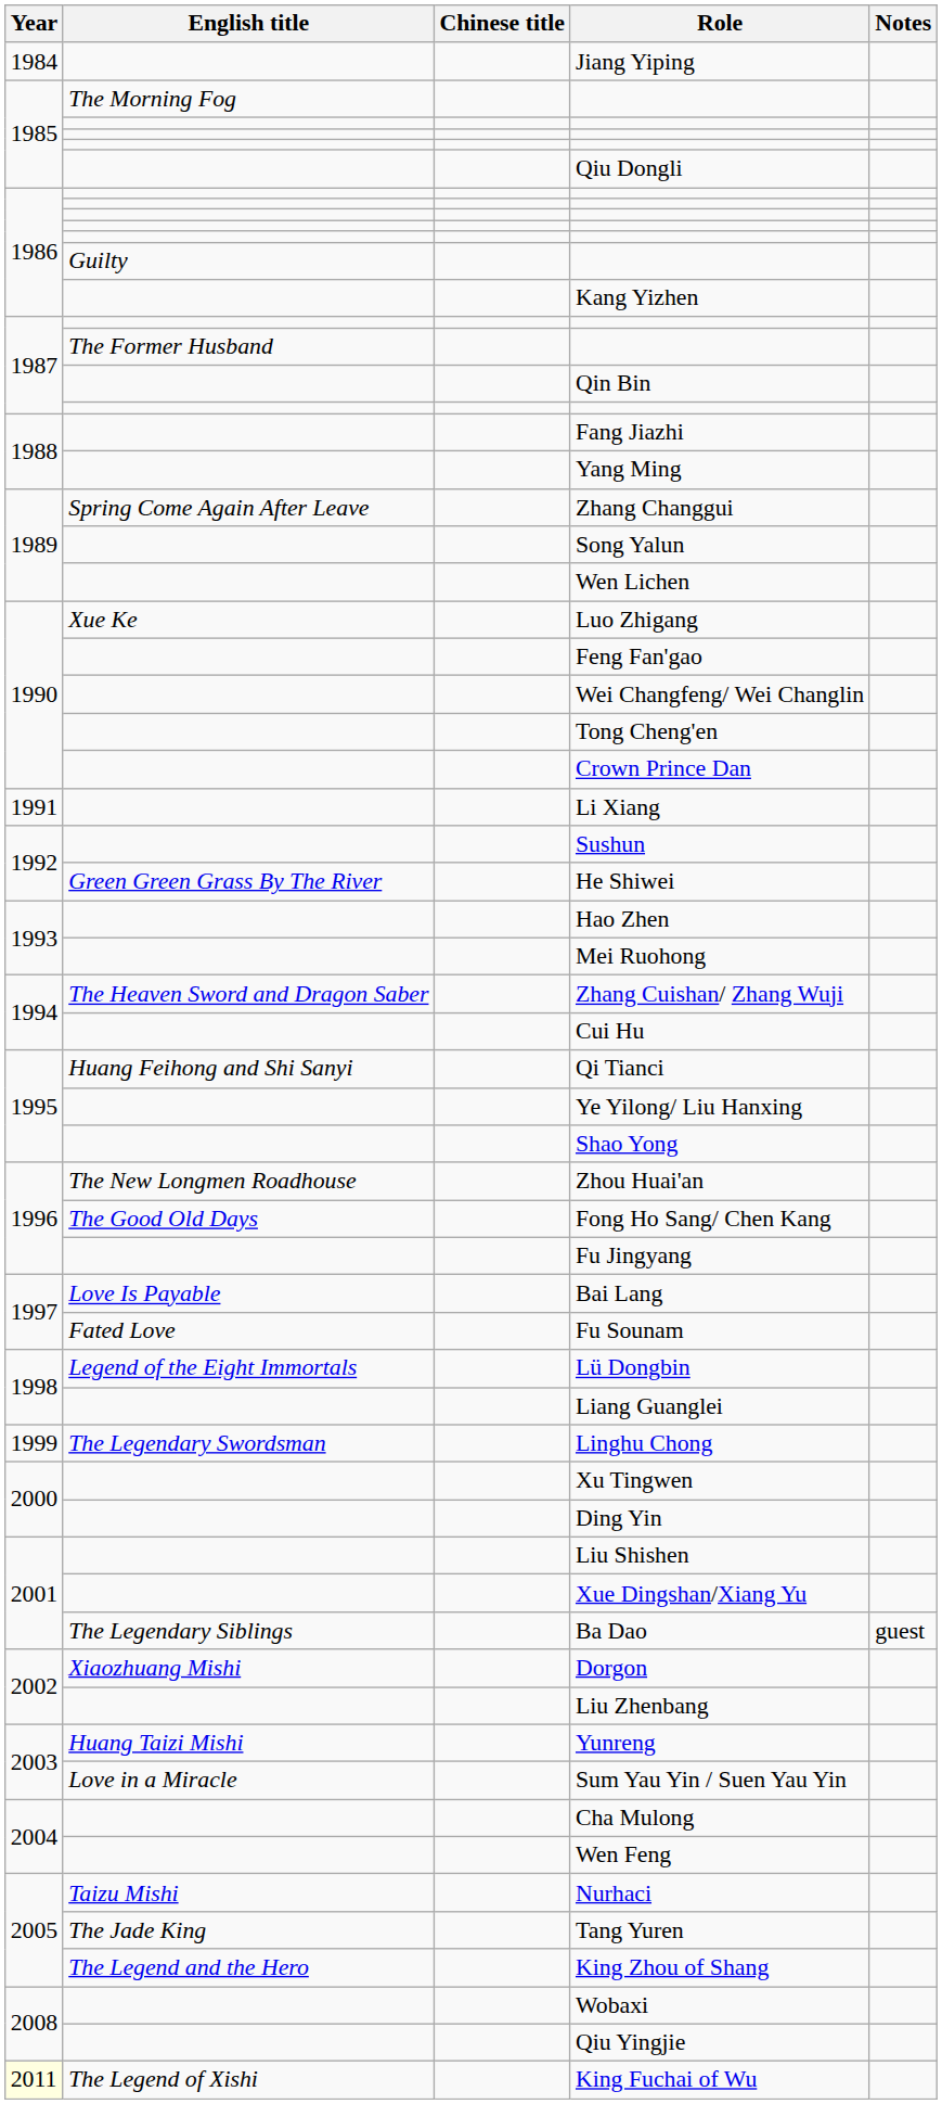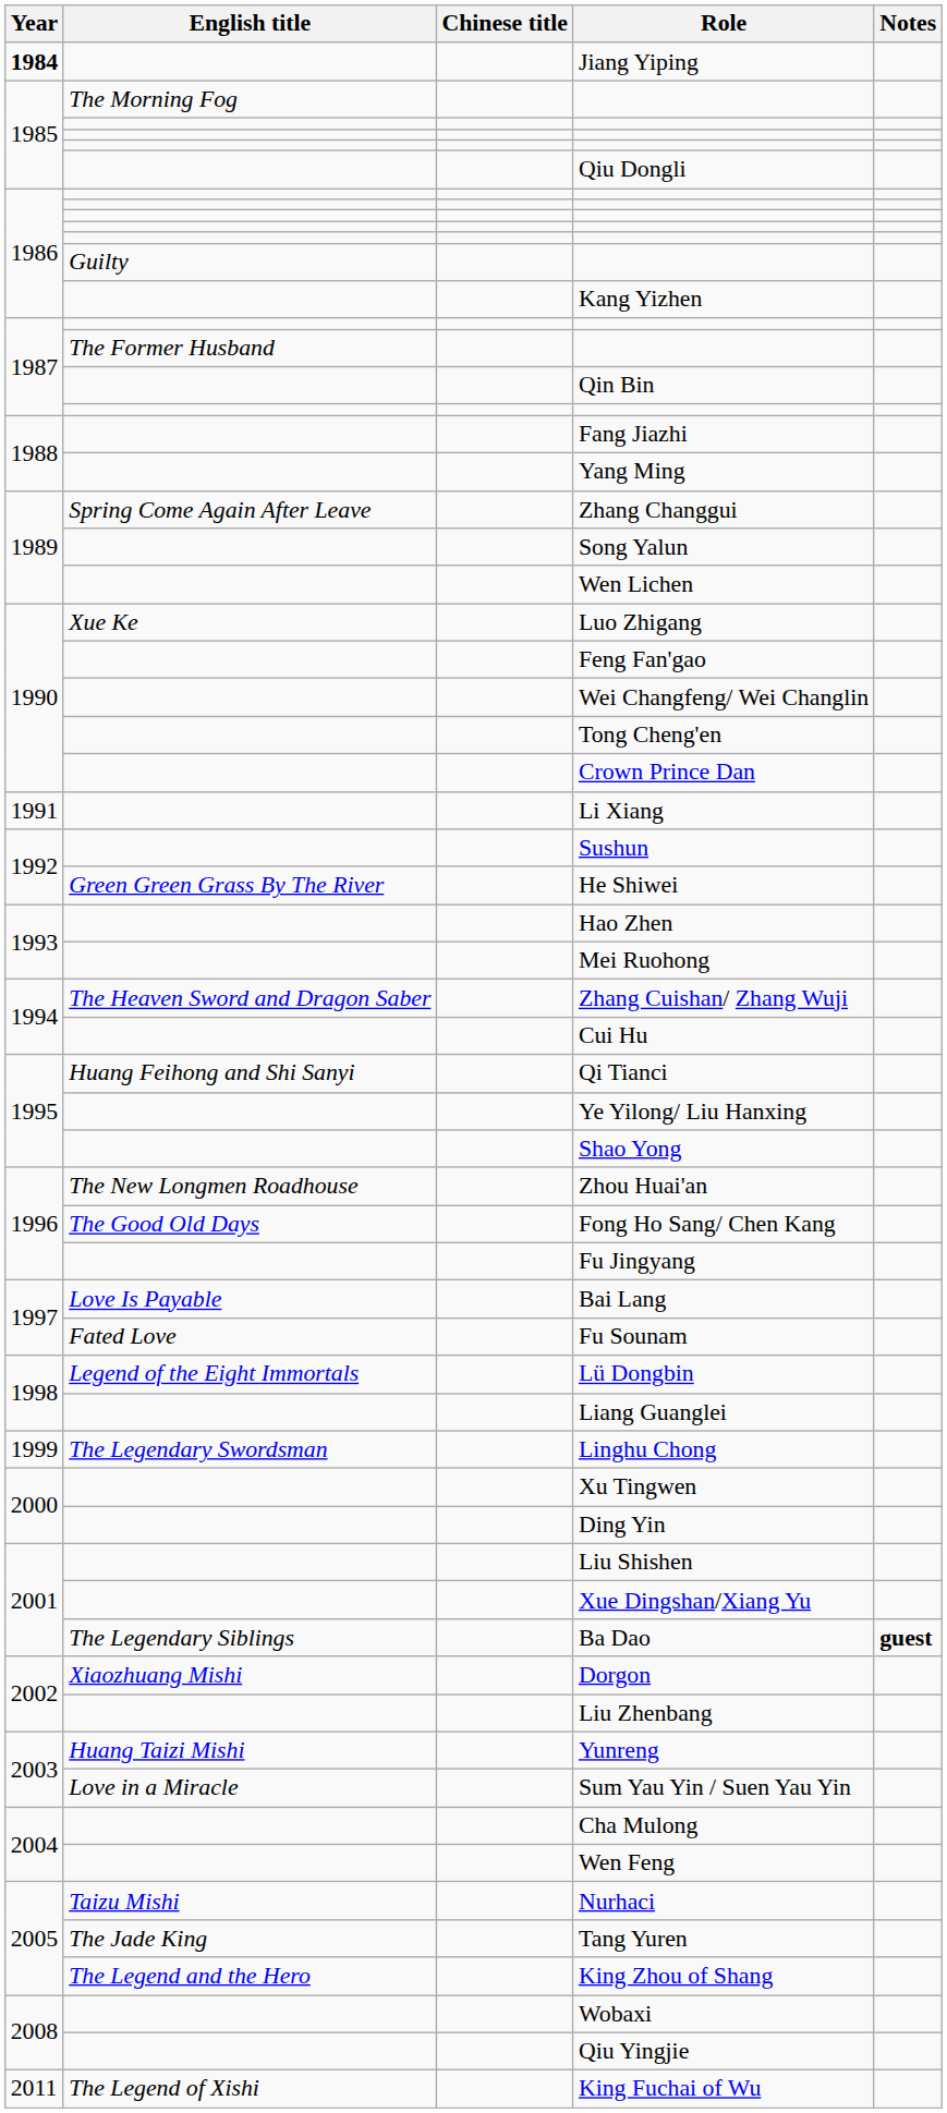 <table class="wikitable sortable">
 <tr>
 <th>Year</th>
 <th>English title</th>
 <th>Chinese title</th>
 <th>Role</th>
 <th ! class="unsortable">Notes</th>
 </tr>
 <tr>
-<td rowspan="1">1984</td>
+<td rowspan="1"><strong>1984</strong></td>
 <td></td>
 <td></td>
 <td>Jiang Yiping</td>
 <td></td>
 </tr>
 <tr>
 <td rowspan="5">1985</td>
 <td><em>The Morning Fog</em></td>
 <td></td>
 <td></td>
 <td></td>
 </tr>
 <tr>
 <td></td>
 <td></td>
 <td></td>
 <td></td>
 </tr>
 <tr>
 <td></td>
 <td></td>
 <td></td>
 <td></td>
 </tr>
 <tr>
 <td></td>
 <td></td>
 <td></td>
 <td></td>
 </tr>
 <tr>
 <td></td>
 <td></td>
 <td>Qiu Dongli</td>
 <td></td>
 </tr>
 <tr>
 <td rowspan="7">1986</td>
 <td></td>
 <td></td>
 <td></td>
 <td></td>
 </tr>
 <tr>
 <td></td>
 <td></td>
 <td></td>
 <td></td>
 </tr>
 <tr>
 <td></td>
 <td></td>
 <td></td>
 <td></td>
 </tr>
 <tr>
 <td></td>
 <td></td>
 <td></td>
 <td></td>
 </tr>
 <tr>
 <td></td>
 <td></td>
 <td></td>
 <td></td>
 </tr>
 <tr>
 <td><em>Guilty</em></td>
 <td></td>
 <td></td>
 <td></td>
 </tr>
 <tr>
 <td></td>
 <td></td>
 <td>Kang Yizhen</td>
 <td></td>
 </tr>
 <tr>
 <td rowspan="4">1987</td>
 <td></td>
 <td></td>
 <td></td>
 <td></td>
 </tr>
 <tr>
 <td><em>The Former Husband</em></td>
 <td></td>
 <td></td>
 <td></td>
 </tr>
 <tr>
 <td></td>
 <td></td>
 <td>Qin Bin</td>
 <td></td>
 </tr>
 <tr>
 <td></td>
 <td></td>
 <td></td>
 <td></td>
 </tr>
 <tr>
 <td rowspan="2">1988</td>
 <td></td>
 <td></td>
 <td>Fang Jiazhi</td>
 <td></td>
 </tr>
 <tr>
 <td></td>
 <td></td>
 <td>Yang Ming</td>
 <td></td>
 </tr>
 <tr>
 <td rowspan="3">1989</td>
 <td><em>Spring Come Again After Leave</em></td>
 <td></td>
 <td>Zhang Changgui</td>
 <td></td>
 </tr>
 <tr>
 <td></td>
 <td></td>
 <td>Song Yalun</td>
 <td></td>
 </tr>
 <tr>
 <td></td>
 <td></td>
 <td>Wen Lichen</td>
 <td></td>
 </tr>
 <tr>
 <td rowspan="5">1990</td>
 <td><em>Xue Ke</em></td>
 <td></td>
 <td>Luo Zhigang</td>
 <td></td>
 </tr>
 <tr>
 <td></td>
 <td></td>
 <td>Feng Fan'gao</td>
 <td></td>
 </tr>
 <tr>
 <td></td>
 <td></td>
 <td>Wei Changfeng/ Wei Changlin</td>
 <td></td>
 </tr>
 <tr>
 <td></td>
 <td></td>
 <td>Tong Cheng'en</td>
 <td></td>
 </tr>
 <tr>
 <td></td>
 <td></td>
 <td><a href='#'>Crown Prince Dan</a></td>
 <td></td>
 </tr>
 <tr>
 <td rowspan="1">1991</td>
 <td></td>
 <td></td>
 <td>Li Xiang</td>
 <td></td>
 </tr>
 <tr>
 <td rowspan="2">1992</td>
 <td></td>
 <td></td>
 <td><a href='#'>Sushun</a></td>
 <td></td>
 </tr>
 <tr>
 <td><em><a href='#'>Green Green Grass By The River</a></em></td>
 <td></td>
 <td>He Shiwei</td>
 <td></td>
 </tr>
 <tr>
 <td rowspan="2">1993</td>
 <td></td>
 <td></td>
 <td>Hao Zhen</td>
 <td></td>
 </tr>
 <tr>
 <td></td>
 <td></td>
 <td>Mei Ruohong</td>
 <td></td>
 </tr>
 <tr>
 <td rowspan="2">1994</td>
 <td><em><a href='#'>The Heaven Sword and Dragon Saber</a></em></td>
 <td></td>
 <td><a href='#'>Zhang Cuishan</a>/ <a href='#'>Zhang Wuji</a></td>
 <td></td>
 </tr>
 <tr>
 <td></td>
 <td></td>
 <td>Cui Hu</td>
 <td></td>
 </tr>
 <tr>
 <td rowspan="3">1995</td>
 <td><em>Huang Feihong and Shi Sanyi</em></td>
 <td></td>
 <td>Qi Tianci</td>
 <td></td>
 </tr>
 <tr>
 <td></td>
 <td></td>
 <td>Ye Yilong/ Liu Hanxing</td>
 <td></td>
 </tr>
 <tr>
 <td></td>
 <td></td>
 <td><a href='#'>Shao Yong</a></td>
 <td></td>
 </tr>
 <tr>
 <td rowspan="3">1996</td>
 <td><em>The New Longmen Roadhouse</em></td>
 <td></td>
 <td>Zhou Huai'an</td>
 <td></td>
 </tr>
 <tr>
 <td><em><a href='#'>The Good Old Days</a></em></td>
 <td></td>
 <td>Fong Ho Sang/ Chen Kang</td>
 <td></td>
 </tr>
 <tr>
 <td></td>
 <td></td>
 <td>Fu Jingyang</td>
 <td></td>
 </tr>
 <tr>
 <td rowspan="2">1997</td>
 <td><em><a href='#'>Love Is Payable</a></em></td>
 <td></td>
 <td>Bai Lang</td>
 <td></td>
 </tr>
 <tr>
 <td><em>Fated Love</em></td>
 <td></td>
 <td>Fu Sounam</td>
 <td></td>
 </tr>
 <tr>
 <td rowspan="2">1998</td>
 <td><em><a href='#'>Legend of the Eight Immortals</a></em></td>
 <td></td>
 <td><a href='#'>Lü Dongbin</a></td>
 <td></td>
 </tr>
 <tr>
 <td></td>
 <td></td>
 <td>Liang Guanglei</td>
 <td></td>
 </tr>
 <tr>
 <td rowspan="1">1999</td>
 <td><em><a href='#'>The Legendary Swordsman</a></em></td>
 <td></td>
 <td><a href='#'>Linghu Chong</a></td>
 <td></td>
 </tr>
 <tr>
 <td rowspan="2">2000</td>
 <td></td>
 <td></td>
 <td>Xu Tingwen</td>
 <td></td>
 </tr>
 <tr>
 <td></td>
 <td></td>
 <td>Ding Yin</td>
 <td></td>
 </tr>
 <tr>
 <td rowspan="3">2001</td>
 <td></td>
 <td></td>
 <td>Liu Shishen</td>
 <td></td>
 </tr>
 <tr>
 <td></td>
 <td></td>
 <td><a href='#'>Xue Dingshan</a>/<a href='#'>Xiang Yu</a></td>
 <td></td>
 </tr>
 <tr>
 <td><em>The Legendary Siblings</em></td>
 <td></td>
 <td>Ba Dao</td>
-<td>guest</td>
+<td><strong>guest</strong></td>
 </tr>
 <tr>
 <td rowspan="2">2002</td>
 <td><em><a href='#'>Xiaozhuang Mishi</a></em></td>
 <td></td>
 <td><a href='#'>Dorgon</a></td>
 <td></td>
 </tr>
 <tr>
 <td></td>
 <td></td>
 <td>Liu Zhenbang</td>
 <td></td>
 </tr>
 <tr>
 <td rowspan="2">2003</td>
 <td><em><a href='#'>Huang Taizi Mishi</a></em></td>
 <td></td>
 <td><a href='#'>Yunreng</a></td>
 <td></td>
 </tr>
 <tr>
 <td><em>Love in a Miracle</em></td>
 <td></td>
 <td>Sum Yau Yin / Suen Yau Yin</td>
 <td></td>
 </tr>
 <tr>
 <td rowspan="2">2004</td>
 <td></td>
 <td></td>
 <td>Cha Mulong</td>
 <td></td>
 </tr>
 <tr>
 <td></td>
 <td></td>
 <td>Wen Feng</td>
 <td></td>
 </tr>
 <tr>
 <td rowspan="3">2005</td>
 <td><em><a href='#'>Taizu Mishi</a></em></td>
 <td></td>
 <td><a href='#'>Nurhaci</a></td>
 <td></td>
 </tr>
 <tr>
 <td><em>The Jade King</em></td>
 <td></td>
 <td>Tang Yuren</td>
 <td></td>
 </tr>
 <tr>
 <td><em><a href='#'>The Legend and the Hero</a></em></td>
 <td></td>
 <td><a href='#'>King Zhou of Shang</a></td>
 <td></td>
 </tr>
 <tr>
 <td rowspan="2">2008</td>
 <td></td>
 <td></td>
 <td>Wobaxi</td>
 <td></td>
 </tr>
 <tr>
 <td></td>
 <td></td>
 <td>Qiu Yingjie</td>
 <td></td>
 </tr>
 <tr>
-<td rowspan="1" style="background: lightyellow;">2011</td>
+<td rowspan="1">2011</td>
 <td><em>The Legend of Xishi</em></td>
 <td></td>
 <td><a href='#'>King Fuchai of Wu</a></td>
 <td></td>
 </tr>
 </table>
